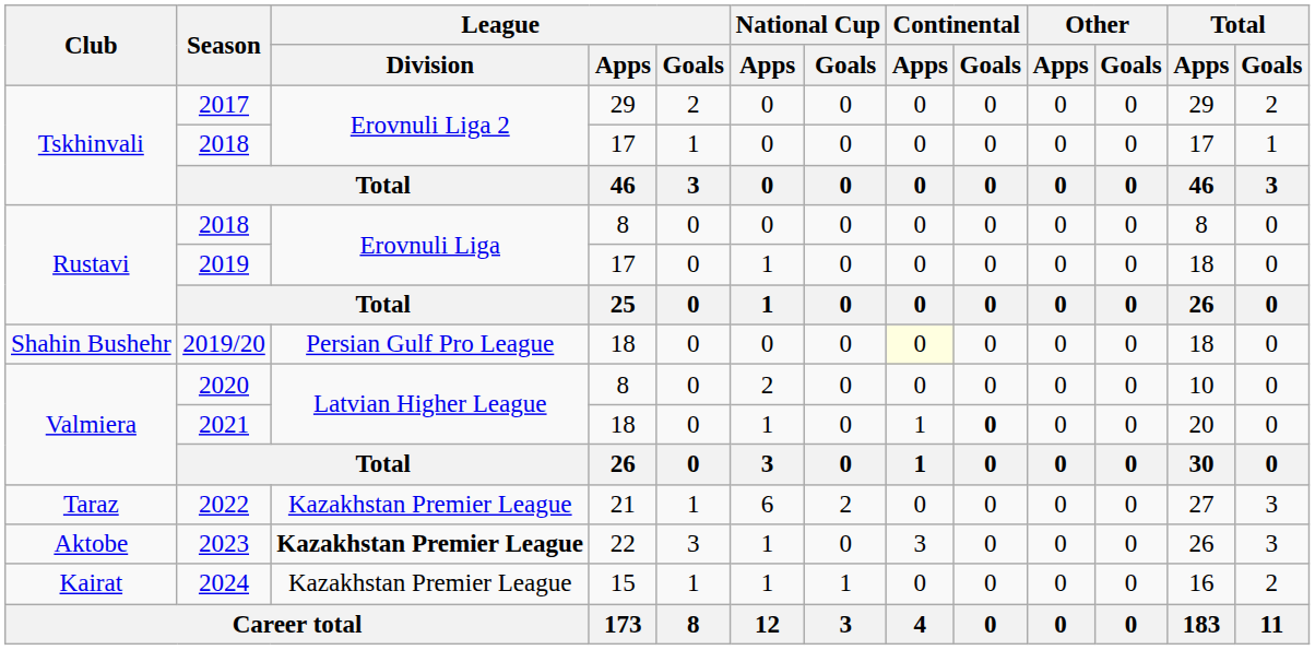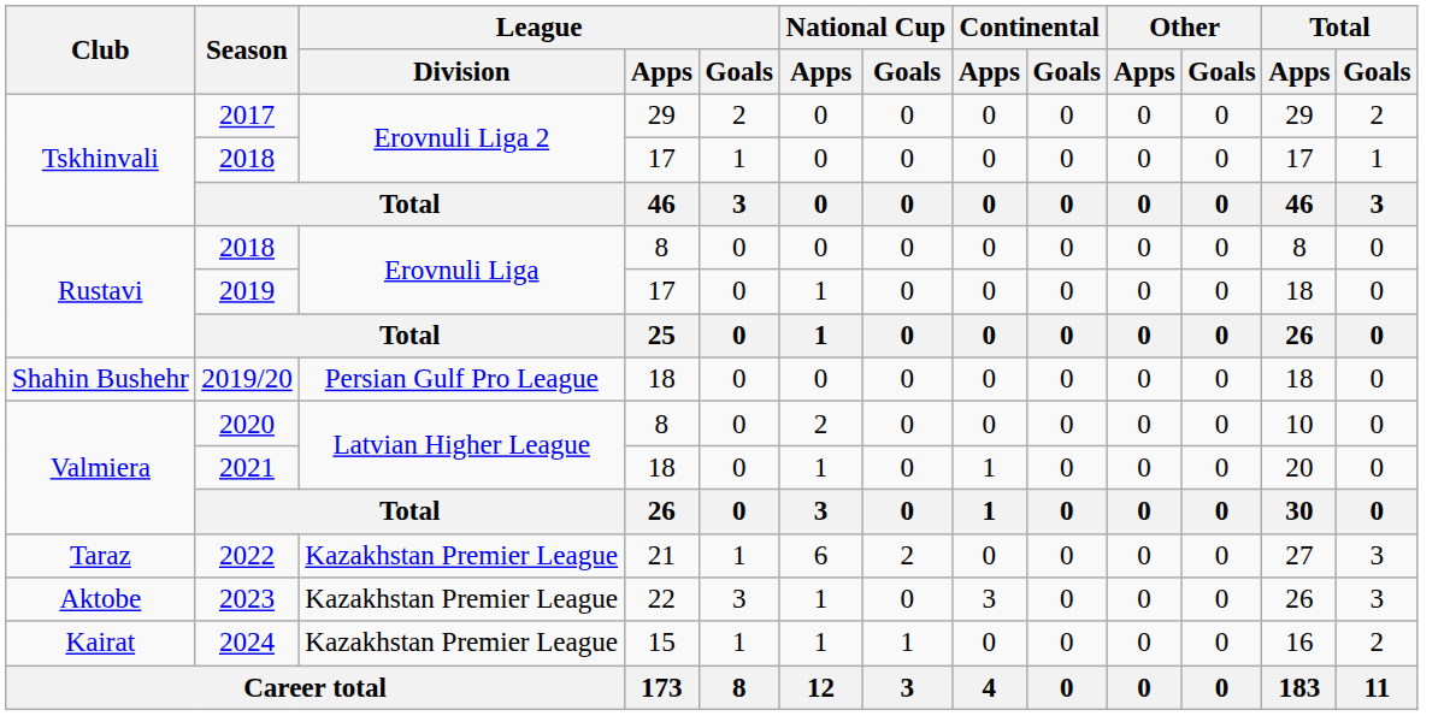 <table class="wikitable" style="text-align: center;">
 <tr>
 <th rowspan="2">Club</th>
 <th rowspan="2">Season</th>
 <th colspan="3">League</th>
 <th colspan="2">National Cup</th>
 <th colspan="2">Continental</th>
 <th colspan="2">Other</th>
 <th colspan="2">Total</th>
 </tr>
 <tr>
 <th>Division</th>
 <th>Apps</th>
 <th>Goals</th>
 <th>Apps</th>
 <th>Goals</th>
 <th>Apps</th>
 <th>Goals</th>
 <th>Apps</th>
 <th>Goals</th>
 <th>Apps</th>
 <th>Goals</th>
 </tr>
 <tr>
 <td rowspan="3" valign="center"><a href='#'>Tskhinvali</a></td>
 <td><a href='#'>2017</a></td>
 <td rowspan="2"><a href='#'>Erovnuli Liga 2</a></td>
 <td>29</td>
 <td>2</td>
 <td>0</td>
 <td>0</td>
 <td>0</td>
 <td>0</td>
 <td>0</td>
 <td>0</td>
 <td>29</td>
 <td>2</td>
 </tr>
 <tr>
 <td><a href='#'>2018</a></td>
 <td>17</td>
 <td>1</td>
 <td>0</td>
 <td>0</td>
 <td>0</td>
 <td>0</td>
 <td>0</td>
 <td>0</td>
 <td>17</td>
 <td>1</td>
 </tr>
 <tr>
 <th colspan="2">Total</th>
 <th>46</th>
 <th>3</th>
 <th>0</th>
 <th>0</th>
 <th>0</th>
 <th>0</th>
 <th>0</th>
 <th>0</th>
 <th>46</th>
 <th>3</th>
 </tr>
 <tr>
 <td rowspan="3"><a href='#'>Rustavi</a></td>
 <td><a href='#'>2018</a></td>
 <td rowspan="2"><a href='#'>Erovnuli Liga</a></td>
 <td>8</td>
 <td>0</td>
 <td>0</td>
 <td>0</td>
 <td>0</td>
 <td>0</td>
 <td>0</td>
 <td>0</td>
 <td>8</td>
 <td>0</td>
 </tr>
 <tr>
 <td><a href='#'>2019</a></td>
 <td>17</td>
 <td>0</td>
 <td>1</td>
 <td>0</td>
 <td>0</td>
 <td>0</td>
 <td>0</td>
 <td>0</td>
 <td>18</td>
 <td>0</td>
 </tr>
 <tr>
 <th colspan="2">Total</th>
 <th>25</th>
 <th>0</th>
 <th>1</th>
 <th>0</th>
 <th>0</th>
 <th>0</th>
 <th>0</th>
 <th>0</th>
 <th>26</th>
 <th>0</th>
 </tr>
 <tr>
 <td><a href='#'>Shahin Bushehr</a></td>
 <td><a href='#'>2019/20</a></td>
 <td><a href='#'>Persian Gulf Pro League</a></td>
 <td>18</td>
 <td>0</td>
 <td>0</td>
 <td>0</td>
-<td style="background: lightyellow;">0</td>
+<td>0</td>
 <td>0</td>
 <td>0</td>
 <td>0</td>
 <td>18</td>
 <td>0</td>
 </tr>
 <tr>
 <td rowspan="3"><a href='#'>Valmiera</a></td>
 <td><a href='#'>2020</a></td>
 <td rowspan="2"><a href='#'>Latvian Higher League</a></td>
 <td>8</td>
 <td>0</td>
 <td>2</td>
 <td>0</td>
 <td>0</td>
 <td>0</td>
 <td>0</td>
 <td>0</td>
 <td>10</td>
 <td>0</td>
 </tr>
 <tr>
 <td><a href='#'>2021</a></td>
 <td>18</td>
 <td>0</td>
 <td>1</td>
 <td>0</td>
 <td>1</td>
-<td><strong>0</strong></td>
+<td>0</td>
 <td>0</td>
 <td>0</td>
 <td>20</td>
 <td>0</td>
 </tr>
 <tr>
 <th colspan="2">Total</th>
 <th>26</th>
 <th>0</th>
 <th>3</th>
 <th>0</th>
 <th>1</th>
 <th>0</th>
 <th>0</th>
 <th>0</th>
 <th>30</th>
 <th>0</th>
 </tr>
 <tr>
 <td><a href='#'>Taraz</a></td>
 <td><a href='#'>2022</a></td>
 <td><a href='#'>Kazakhstan Premier League</a></td>
 <td>21</td>
 <td>1</td>
 <td>6</td>
 <td>2</td>
 <td>0</td>
 <td>0</td>
 <td>0</td>
 <td>0</td>
 <td>27</td>
 <td>3</td>
 </tr>
 <tr>
 <td><a href='#'>Aktobe</a></td>
 <td><a href='#'>2023</a></td>
-<td><strong>Kazakhstan Premier League</strong></td>
+<td>Kazakhstan Premier League</td>
 <td>22</td>
 <td>3</td>
 <td>1</td>
 <td>0</td>
 <td>3</td>
 <td>0</td>
 <td>0</td>
 <td>0</td>
 <td>26</td>
 <td>3</td>
 </tr>
 <tr>
 <td><a href='#'>Kairat</a></td>
 <td><a href='#'>2024</a></td>
 <td>Kazakhstan Premier League</td>
 <td>15</td>
 <td>1</td>
 <td>1</td>
 <td>1</td>
 <td>0</td>
 <td>0</td>
 <td>0</td>
 <td>0</td>
 <td>16</td>
 <td>2</td>
 </tr>
 <tr>
 <th colspan="3">Career total</th>
 <th>173</th>
 <th>8</th>
 <th>12</th>
 <th>3</th>
 <th>4</th>
 <th>0</th>
 <th>0</th>
 <th>0</th>
 <th>183</th>
 <th>11</th>
 </tr>
 </table>
